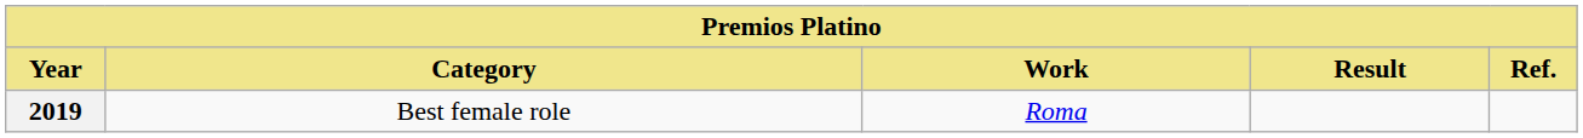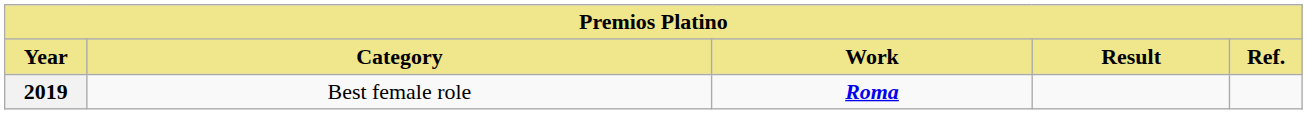 <table width="75%" class="wikitable">
 <tr>
 <th colspan=5 style="background:#F0E68C">Premios Platino</th>
 </tr>
 <tr>
 <th width="33" style="background:#F0E68C">Year</th>
 <th width="300" style="background:#F0E68C">Category</th>
 <th width="150" style="background:#F0E68C">Work</th>
 <th width="90" style="background:#F0E68C">Result</th>
 <th width="5" style="background:#F0E68C">Ref.</th>
 </tr>
 <tr>
 <th>2019</th>
 <td align="center">Best female role</td>
-<td align="center"><em><a href='#'>Roma</a></em></td>
+<td align="center"><strong><em><a href='#'>Roma</a></em></strong></td>
 <td></td>
 <td align="center"></td>
 </tr>
 </table>
